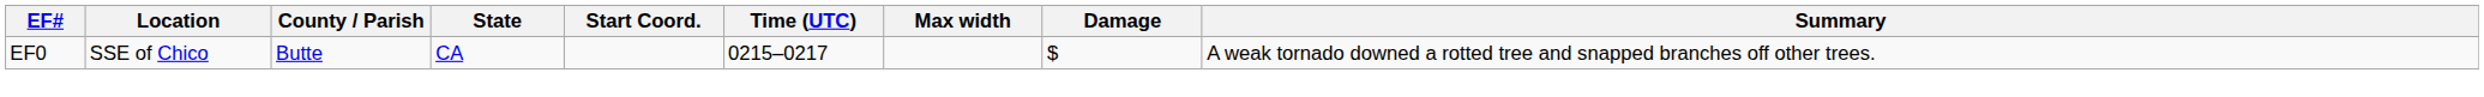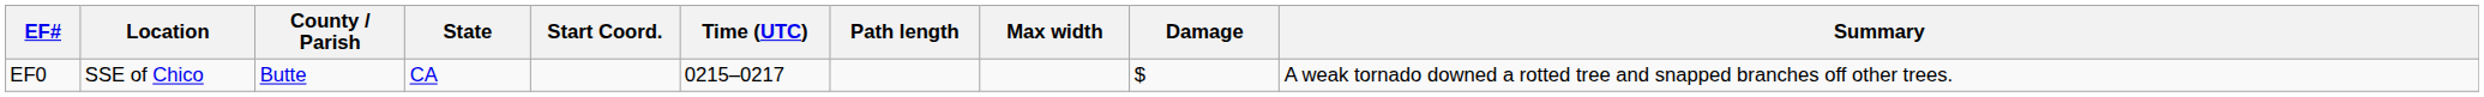 <table class="wikitable sortable" style="width:100%;">
 <tr>
 <th scope="col" width="3%" align="center"><a href='#'>EF#</a></th>
 <th scope="col" width="7%" align="center" class="unsortable">Location</th>
 <th scope="col" width="6%" align="center" class="unsortable">County / Parish</th>
 <th scope="col" width="5%" align="center">State</th>
 <th scope="col" width="6%" align="center">Start Coord.</th>
 <th scope="col" width="6%" align="center">Time (<a href='#'>UTC</a>)</th>
+<th scope="col" width="6%" align="center">Path length</th>
 <th scope="col" width="6%" align="center">Max width</th>
 <th scope="col" width="6%" align="center">Damage</th>
 <th scope="col" width="48%" class="unsortable" align="center">Summary</th>
 </tr>
 <tr>
 <td>EF0</td>
 <td>SSE of <a href='#'>Chico</a></td>
 <td><a href='#'>Butte</a></td>
 <td><a href='#'>CA</a></td>
 <td></td>
 <td>0215–0217</td>
 <td></td>
+<td></td>
 <td>$</td>
 <td>A weak tornado downed a rotted tree and snapped branches off other trees.</td>
 </tr>
 </table>
